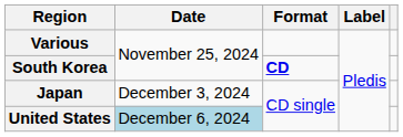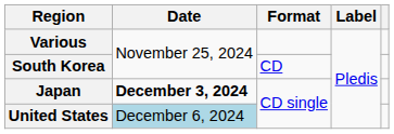 <table class="wikitable plainrowheaders">
 <tr>
 <th scope="col">Region</th>
 <th scope="col">Date</th>
 <th scope="col">Format</th>
 <th scope="col">Label</th>
 <th scope="col"></th>
 </tr>
 <tr>
 <th scope="row">Various</th>
 <td rowspan="2">November 25, 2024</td>
 <td></td>
 <td rowspan="4"><a href='#'>Pledis</a></td>
 <td></td>
 </tr>
 <tr>
 <th scope="row">South Korea</th>
-<td><strong><a href='#'>CD</a></strong></td>
+<td><a href='#'>CD</a></td>
 <td></td>
 </tr>
 <tr>
 <th scope="row">Japan</th>
-<td>December 3, 2024</td>
+<td><strong>December 3, 2024</strong></td>
 <td rowspan="2"><a href='#'>CD single</a></td>
 <td style="text-align:center"></td>
 </tr>
 <tr>
 <th scope="row">United States</th>
 <td style="background: lightblue;">December 6, 2024</td>
 <td style="text-align:center"></td>
 </tr>
 </table>
